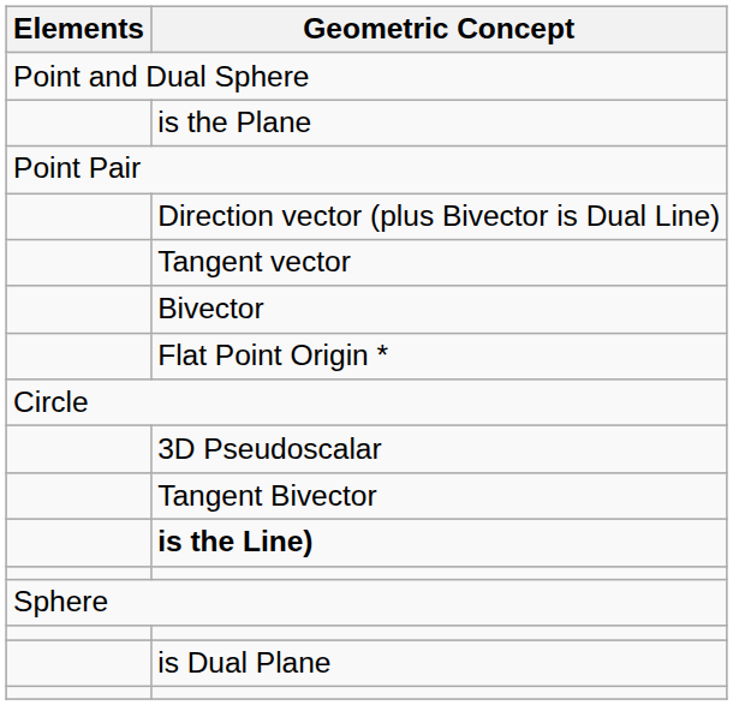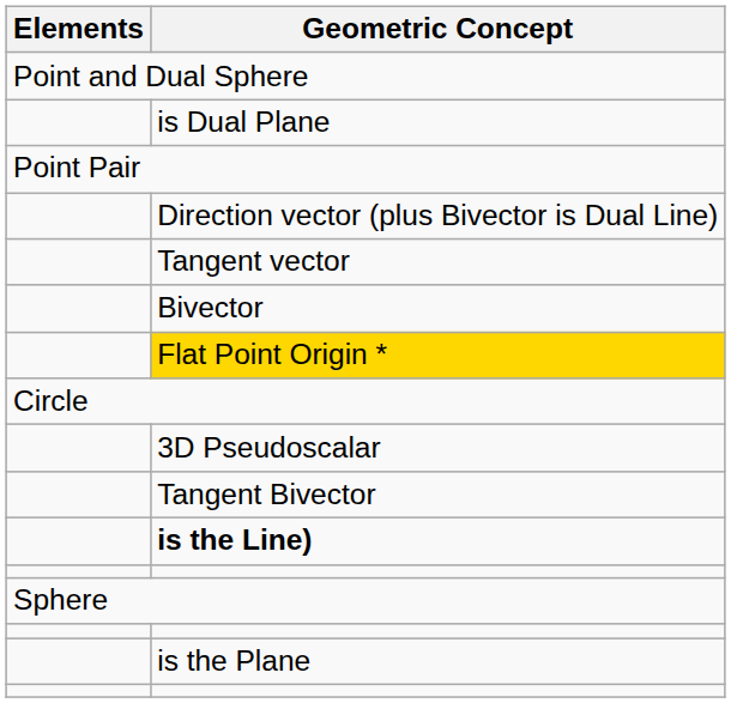 <table class="wikitable mw-collapsible" style="float:right; margin-right: 10px">
 <tr>
 <th>Elements</th>
 <th>Geometric Concept</th>
 </tr>
 <tr>
 <td colspan="2">Point and Dual Sphere</td>
 </tr>
 <tr>
 <td></td>
-<td>is the Plane</td>
+<td> is Dual Plane</td>
 </tr>
 <tr>
 <td colspan="2">Point Pair</td>
 </tr>
 <tr>
 <td></td>
 <td>Direction vector (plus Bivector is Dual Line)</td>
 </tr>
 <tr>
 <td></td>
 <td>Tangent vector</td>
 </tr>
 <tr>
 <td></td>
 <td>Bivector</td>
 </tr>
 <tr>
 <td></td>
-<td>Flat Point Origin *</td>
+<td style="background: gold;">Flat Point Origin *</td>
 </tr>
 <tr>
 <td colspan="2">Circle</td>
 </tr>
 <tr>
 <td></td>
 <td>3D Pseudoscalar</td>
 </tr>
 <tr>
 <td></td>
 <td>Tangent Bivector</td>
 </tr>
 <tr>
 <td></td>
 <td><strong> is the Line)</strong></td>
 </tr>
 <tr>
 <td></td>
 <td></td>
 </tr>
 <tr>
 <td colspan="2">Sphere</td>
 </tr>
 <tr>
 <td></td>
 <td></td>
 </tr>
 <tr>
 <td></td>
-<td> is Dual Plane</td>
+<td>is the Plane</td>
 </tr>
 <tr>
 <td></td>
 <td></td>
 </tr>
 </table>
